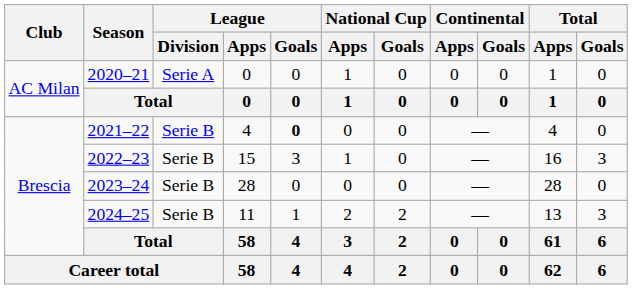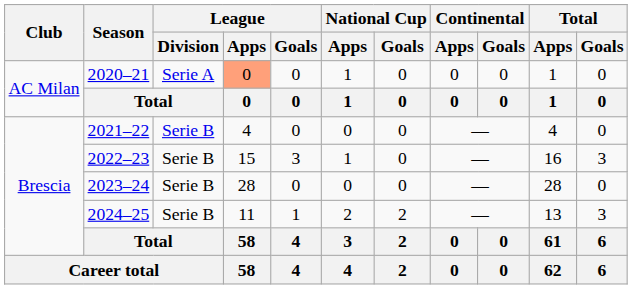 <table class="wikitable" style="text-align:center">
 <tr>
 <th rowspan="2">Club</th>
 <th rowspan="2">Season</th>
 <th colspan="3">League</th>
 <th colspan="2">National Cup</th>
 <th colspan="2">Continental</th>
 <th colspan="2">Total</th>
 </tr>
 <tr>
 <th>Division</th>
 <th>Apps</th>
 <th>Goals</th>
 <th>Apps</th>
 <th>Goals</th>
 <th>Apps</th>
 <th>Goals</th>
 <th>Apps</th>
 <th>Goals</th>
 </tr>
 <tr>
 <td rowspan="2"><a href='#'>AC Milan</a></td>
 <td><a href='#'>2020–21</a></td>
 <td rowspan="1"><a href='#'>Serie A</a></td>
-<td>0</td>
+<td style="background: lightsalmon;">0</td>
 <td>0</td>
 <td>1</td>
 <td>0</td>
 <td>0</td>
 <td>0</td>
 <td>1</td>
 <td>0</td>
 </tr>
 <tr>
 <th colspan="2">Total</th>
 <th>0</th>
 <th>0</th>
 <th>1</th>
 <th>0</th>
 <th>0</th>
 <th>0</th>
 <th>1</th>
 <th>0</th>
 </tr>
 <tr>
 <td rowspan="5"><a href='#'>Brescia</a></td>
 <td><a href='#'>2021–22</a></td>
 <td><a href='#'>Serie B</a></td>
 <td>4</td>
-<td><strong>0</strong></td>
+<td>0</td>
 <td>0</td>
 <td>0</td>
 <td colspan="2">—</td>
 <td>4</td>
 <td>0</td>
 </tr>
 <tr>
 <td><a href='#'>2022–23</a></td>
 <td>Serie B</td>
 <td>15</td>
 <td>3</td>
 <td>1</td>
 <td>0</td>
 <td colspan="2">—</td>
 <td>16</td>
 <td>3</td>
 </tr>
 <tr>
 <td><a href='#'>2023–24</a></td>
 <td>Serie B</td>
 <td>28</td>
 <td>0</td>
 <td>0</td>
 <td>0</td>
 <td colspan="2">—</td>
 <td>28</td>
 <td>0</td>
 </tr>
 <tr>
 <td><a href='#'>2024–25</a></td>
 <td>Serie B</td>
 <td>11</td>
 <td>1</td>
 <td>2</td>
 <td>2</td>
 <td colspan="2">—</td>
 <td>13</td>
 <td>3</td>
 </tr>
 <tr>
 <th colspan="2">Total</th>
 <th>58</th>
 <th>4</th>
 <th>3</th>
 <th>2</th>
 <th>0</th>
 <th>0</th>
 <th>61</th>
 <th>6</th>
 </tr>
 <tr>
 <th colspan="3">Career total</th>
 <th>58</th>
 <th>4</th>
 <th>4</th>
 <th>2</th>
 <th>0</th>
 <th>0</th>
 <th>62</th>
 <th>6</th>
 </tr>
 </table>
